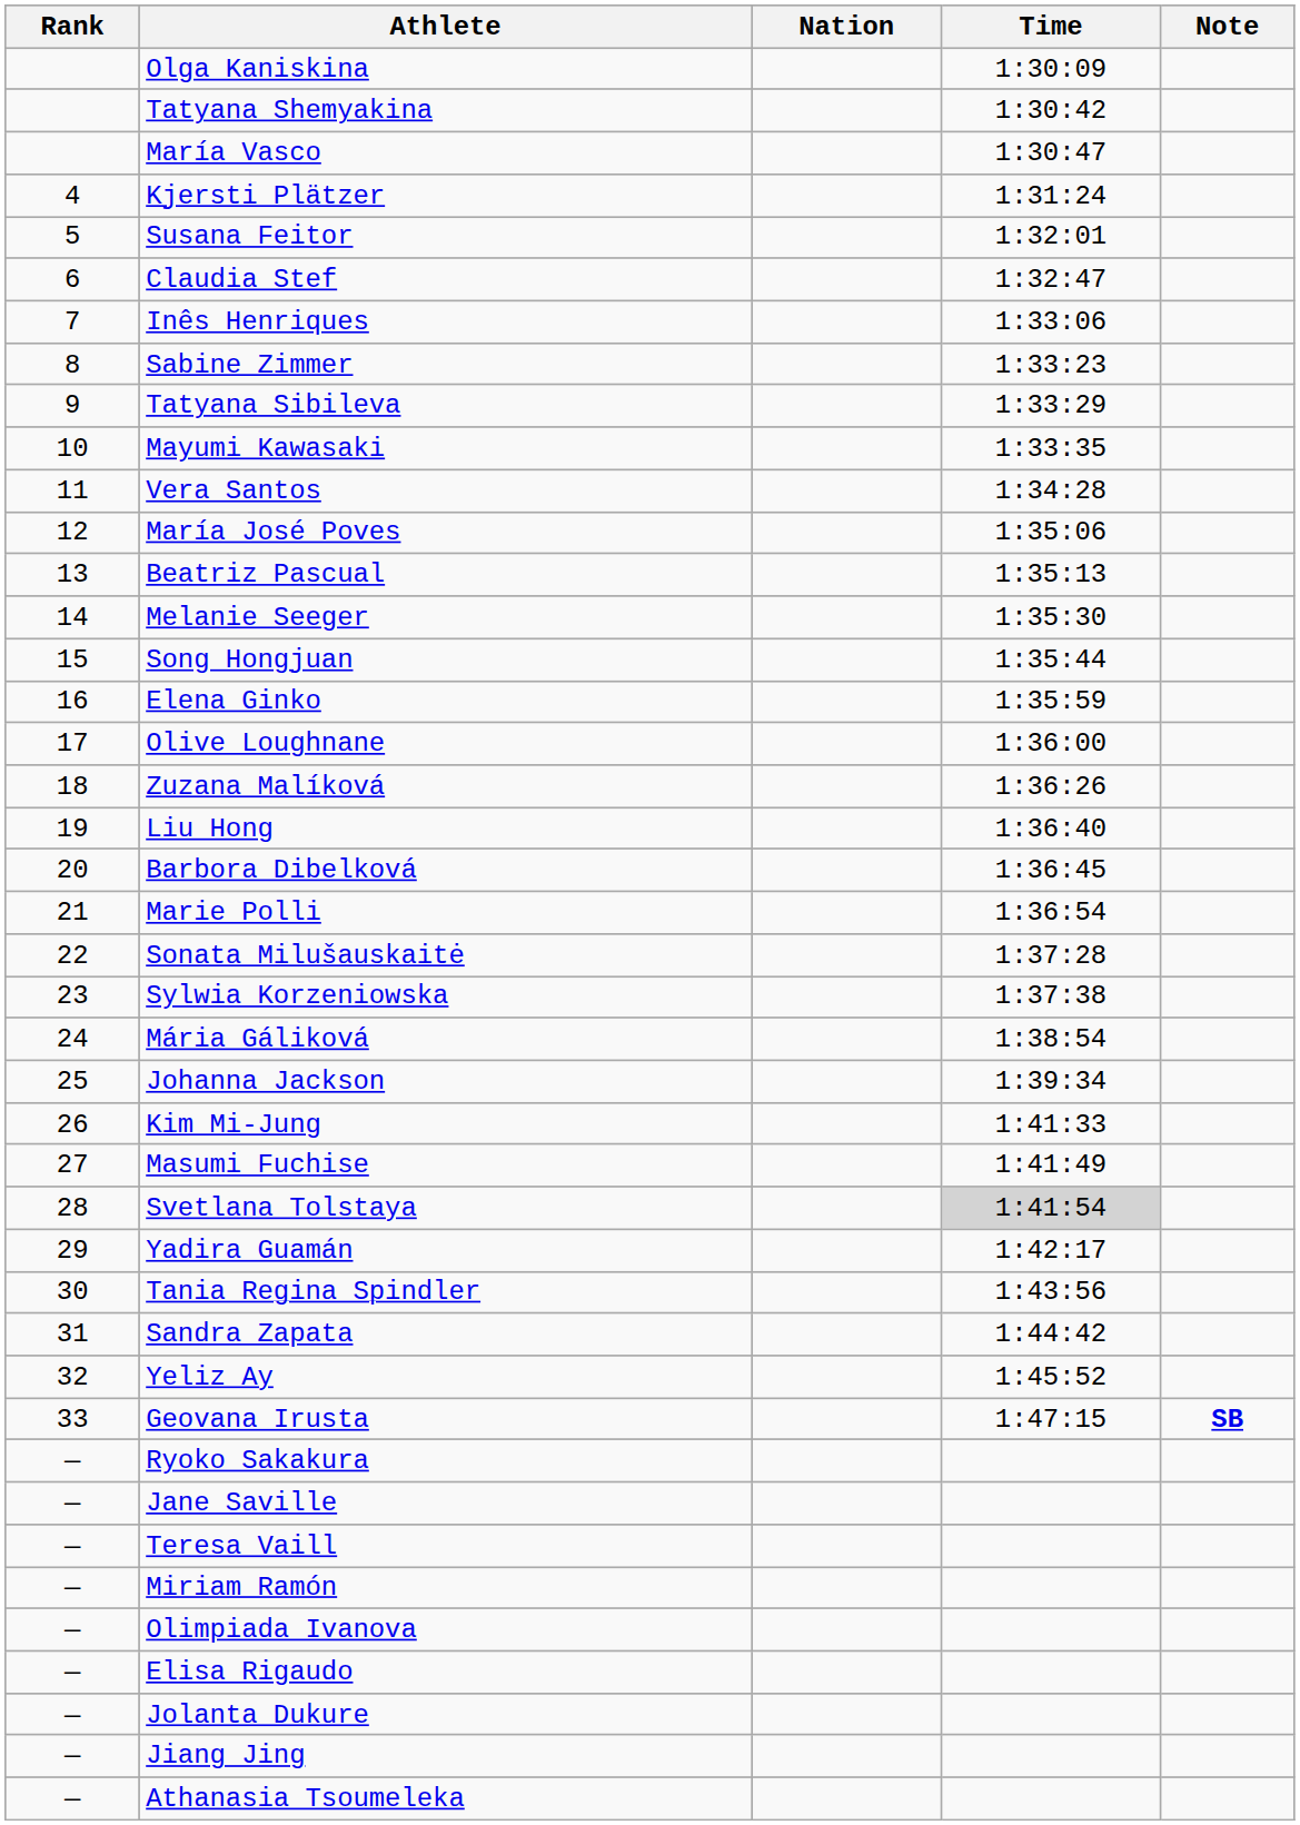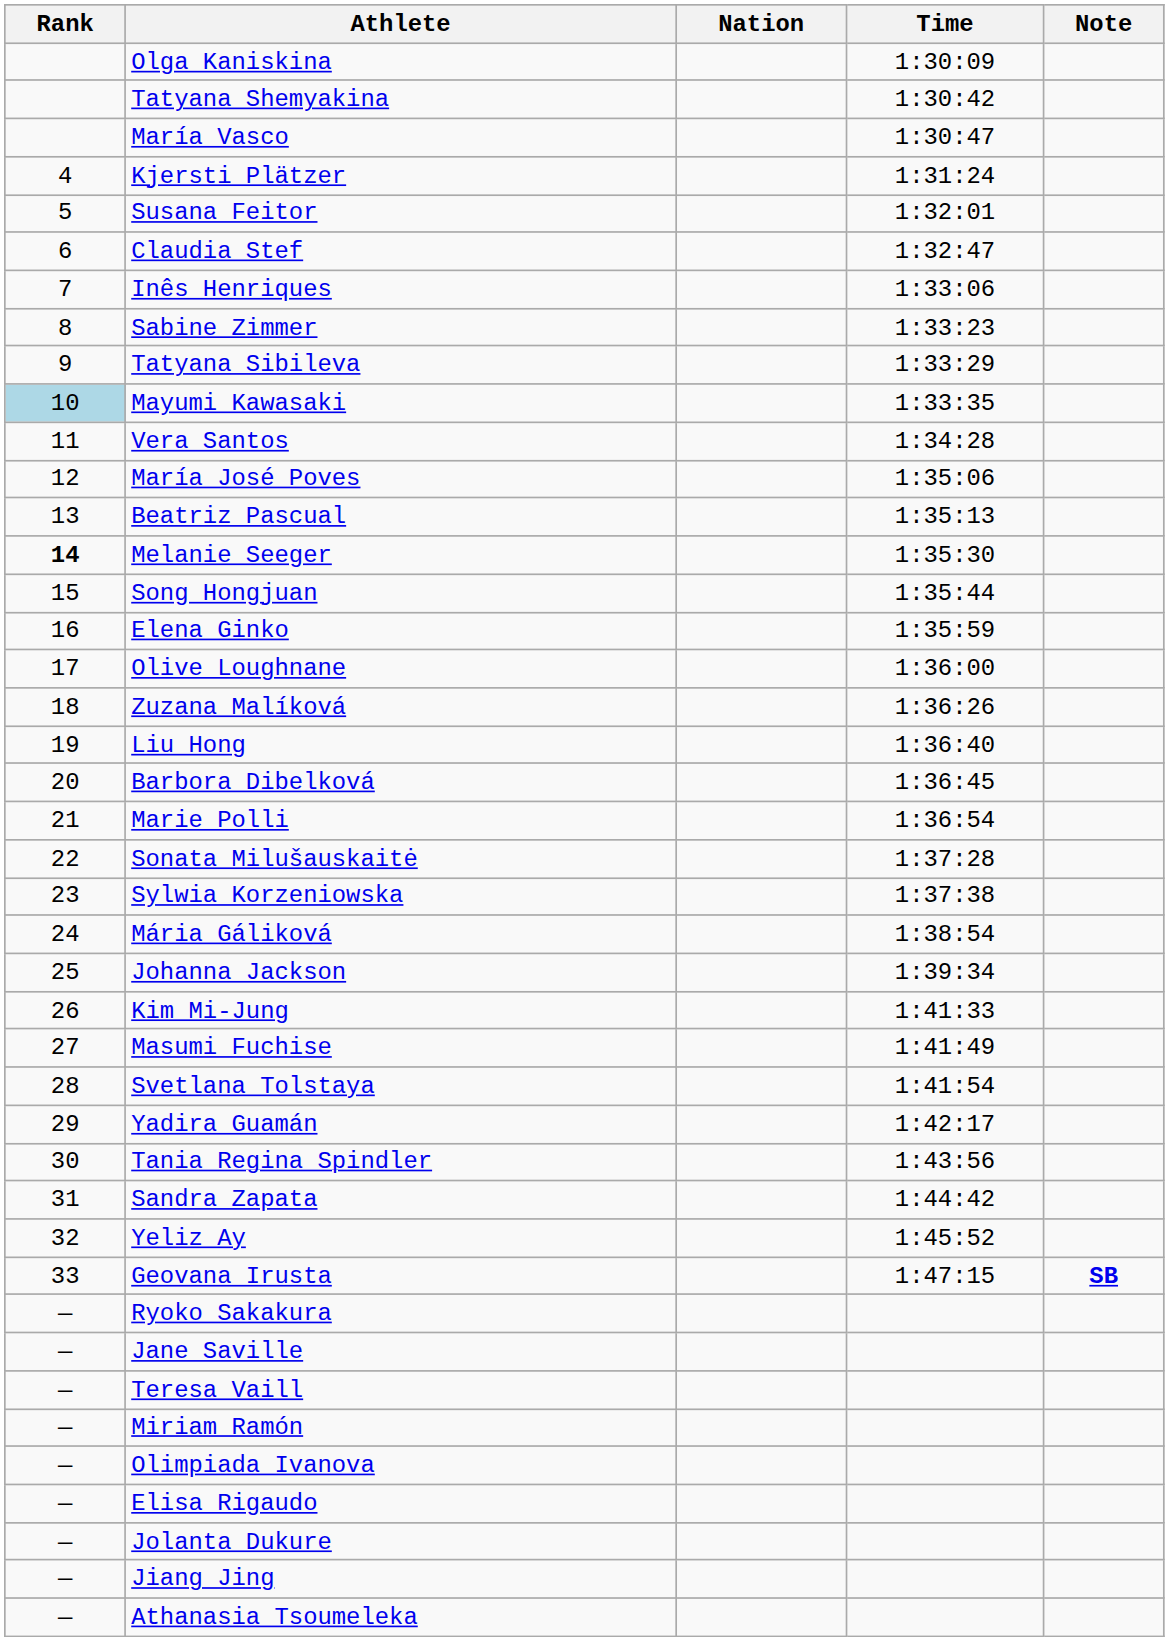 <table class="wikitable" style=" text-align:center; font-size:110%;" width="55%">
 <tr>
 <th>Rank</th>
 <th>Athlete</th>
 <th>Nation</th>
 <th>Time</th>
 <th>Note</th>
 </tr>
 <tr>
 <td></td>
 <td align=left><a href='#'>Olga Kaniskina</a></td>
 <td align=left></td>
 <td>1:30:09</td>
 <td></td>
 </tr>
 <tr>
 <td></td>
 <td align=left><a href='#'>Tatyana Shemyakina</a></td>
 <td align=left></td>
 <td>1:30:42</td>
 <td></td>
 </tr>
 <tr>
 <td></td>
 <td align=left><a href='#'>María Vasco</a></td>
 <td align=left></td>
 <td>1:30:47</td>
 <td></td>
 </tr>
 <tr>
 <td>4</td>
 <td align=left><a href='#'>Kjersti Plätzer</a></td>
 <td align=left></td>
 <td>1:31:24</td>
 <td></td>
 </tr>
 <tr>
 <td>5</td>
 <td align=left><a href='#'>Susana Feitor</a></td>
 <td align=left></td>
 <td>1:32:01</td>
 <td> </td>
 </tr>
 <tr>
 <td>6</td>
 <td align=left><a href='#'>Claudia Stef</a></td>
 <td align=left></td>
 <td>1:32:47</td>
 <td> </td>
 </tr>
 <tr>
 <td>7</td>
 <td align=left><a href='#'>Inês Henriques</a></td>
 <td align=left></td>
 <td>1:33:06</td>
 <td></td>
 </tr>
 <tr>
 <td>8</td>
 <td align=left><a href='#'>Sabine Zimmer</a></td>
 <td align=left></td>
 <td>1:33:23</td>
 <td></td>
 </tr>
 <tr>
 <td>9</td>
 <td align=left><a href='#'>Tatyana Sibileva</a></td>
 <td align=left></td>
 <td>1:33:29</td>
 <td></td>
 </tr>
 <tr>
-<td>10</td>
+<td style="background: lightblue;">10</td>
 <td align=left><a href='#'>Mayumi Kawasaki</a></td>
 <td align=left></td>
 <td>1:33:35</td>
 <td></td>
 </tr>
 <tr>
 <td>11</td>
 <td align=left><a href='#'>Vera Santos</a></td>
 <td align=left></td>
 <td>1:34:28</td>
 <td></td>
 </tr>
 <tr>
 <td>12</td>
 <td align=left><a href='#'>María José Poves</a></td>
 <td align=left></td>
 <td>1:35:06</td>
 <td></td>
 </tr>
 <tr>
 <td>13</td>
 <td align=left><a href='#'>Beatriz Pascual</a></td>
 <td align=left></td>
 <td>1:35:13</td>
 <td></td>
 </tr>
 <tr>
-<td>14</td>
+<td><strong>14</strong></td>
 <td align=left><a href='#'>Melanie Seeger</a></td>
 <td align=left></td>
 <td>1:35:30</td>
 <td></td>
 </tr>
 <tr>
 <td>15</td>
 <td align=left><a href='#'>Song Hongjuan</a></td>
 <td align=left></td>
 <td>1:35:44</td>
 <td></td>
 </tr>
 <tr>
 <td>16</td>
 <td align=left><a href='#'>Elena Ginko</a></td>
 <td align=left></td>
 <td>1:35:59</td>
 <td></td>
 </tr>
 <tr>
 <td>17</td>
 <td align=left><a href='#'>Olive Loughnane</a></td>
 <td align=left></td>
 <td>1:36:00</td>
 <td></td>
 </tr>
 <tr>
 <td>18</td>
 <td align=left><a href='#'>Zuzana Malíková</a></td>
 <td align=left></td>
 <td>1:36:26</td>
 <td></td>
 </tr>
 <tr>
 <td>19</td>
 <td align=left><a href='#'>Liu Hong</a></td>
 <td align=left></td>
 <td>1:36:40</td>
 <td></td>
 </tr>
 <tr>
 <td>20</td>
 <td align=left><a href='#'>Barbora Dibelková</a></td>
 <td align=left></td>
 <td>1:36:45</td>
 <td></td>
 </tr>
 <tr>
 <td>21</td>
 <td align=left><a href='#'>Marie Polli</a></td>
 <td align=left></td>
 <td>1:36:54</td>
 <td></td>
 </tr>
 <tr>
 <td>22</td>
 <td align=left><a href='#'>Sonata Milušauskaitė</a></td>
 <td align=left></td>
 <td>1:37:28</td>
 <td></td>
 </tr>
 <tr>
 <td>23</td>
 <td align=left><a href='#'>Sylwia Korzeniowska</a></td>
 <td align=left></td>
 <td>1:37:38</td>
 <td></td>
 </tr>
 <tr>
 <td>24</td>
 <td align=left><a href='#'>Mária Gáliková</a></td>
 <td align=left></td>
 <td>1:38:54</td>
 <td></td>
 </tr>
 <tr>
 <td>25</td>
 <td align=left><a href='#'>Johanna Jackson</a></td>
 <td align=left></td>
 <td>1:39:34</td>
 <td></td>
 </tr>
 <tr>
 <td>26</td>
 <td align=left><a href='#'>Kim Mi-Jung</a></td>
 <td align=left></td>
 <td>1:41:33</td>
 <td></td>
 </tr>
 <tr>
 <td>27</td>
 <td align=left><a href='#'>Masumi Fuchise</a></td>
 <td align=left></td>
 <td>1:41:49</td>
 <td></td>
 </tr>
 <tr>
 <td>28</td>
 <td align=left><a href='#'>Svetlana Tolstaya</a></td>
 <td align=left></td>
-<td style="background: lightgrey;">1:41:54</td>
+<td>1:41:54</td>
 <td></td>
 </tr>
 <tr>
 <td>29</td>
 <td align=left><a href='#'>Yadira Guamán</a></td>
 <td align=left></td>
 <td>1:42:17</td>
 <td></td>
 </tr>
 <tr>
 <td>30</td>
 <td align=left><a href='#'>Tania Regina Spindler</a></td>
 <td align=left></td>
 <td>1:43:56</td>
 <td></td>
 </tr>
 <tr>
 <td>31</td>
 <td align=left><a href='#'>Sandra Zapata</a></td>
 <td align=left></td>
 <td>1:44:42</td>
 <td></td>
 </tr>
 <tr>
 <td>32</td>
 <td align=left><a href='#'>Yeliz Ay</a></td>
 <td align=left></td>
 <td>1:45:52</td>
 <td></td>
 </tr>
 <tr>
 <td>33</td>
 <td align=left><a href='#'>Geovana Irusta</a></td>
 <td align=left></td>
 <td>1:47:15</td>
 <td><strong><a href='#'>SB</a></strong></td>
 </tr>
 <tr>
 <td>—</td>
 <td align=left><a href='#'>Ryoko Sakakura</a></td>
 <td align=left></td>
 <td></td>
 <td></td>
 </tr>
 <tr>
 <td>—</td>
 <td align=left><a href='#'>Jane Saville</a></td>
 <td align=left></td>
 <td></td>
 <td></td>
 </tr>
 <tr>
 <td>—</td>
 <td align=left><a href='#'>Teresa Vaill</a></td>
 <td align=left></td>
 <td></td>
 <td></td>
 </tr>
 <tr>
 <td>—</td>
 <td align=left><a href='#'>Miriam Ramón</a></td>
 <td align=left></td>
 <td></td>
 <td></td>
 </tr>
 <tr>
 <td>—</td>
 <td align=left><a href='#'>Olimpiada Ivanova</a></td>
 <td align=left></td>
 <td></td>
 <td></td>
 </tr>
 <tr>
 <td>—</td>
 <td align=left><a href='#'>Elisa Rigaudo</a></td>
 <td align=left></td>
 <td></td>
 <td></td>
 </tr>
 <tr>
 <td>—</td>
 <td align=left><a href='#'>Jolanta Dukure</a></td>
 <td align=left></td>
 <td></td>
 <td></td>
 </tr>
 <tr>
 <td>—</td>
 <td align=left><a href='#'>Jiang Jing</a></td>
 <td align=left></td>
 <td></td>
 <td></td>
 </tr>
 <tr>
 <td>—</td>
 <td align=left><a href='#'>Athanasia Tsoumeleka</a></td>
 <td align=left></td>
 <td></td>
 <td></td>
 </tr>
 </table>
